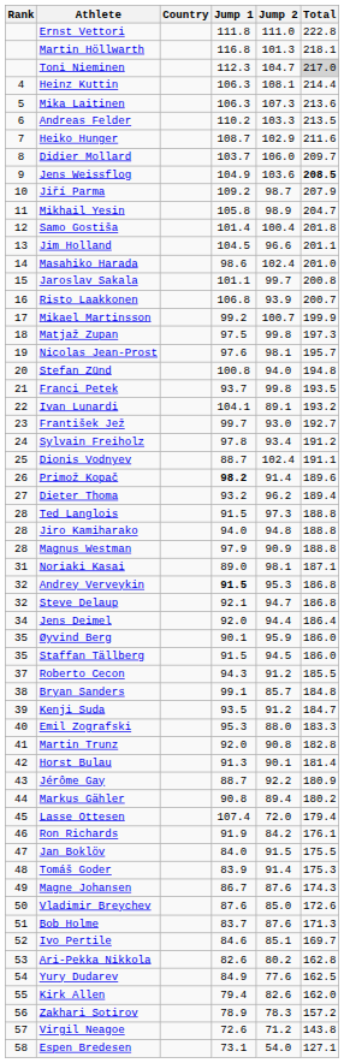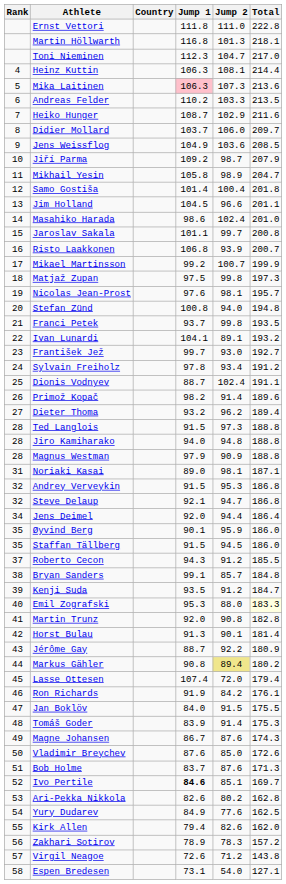 <table class="wikitable sortable" style="text-align:center">
 <tr>
 <th>Rank</th>
 <th>Athlete</th>
 <th>Country</th>
 <th>Jump 1</th>
 <th>Jump 2</th>
 <th>Total</th>
 </tr>
 <tr>
 <td></td>
 <td align=left><a href='#'>Ernst Vettori</a></td>
 <td align=left></td>
 <td>111.8</td>
 <td>111.0</td>
 <td>222.8</td>
 </tr>
 <tr>
 <td></td>
 <td align=left><a href='#'>Martin Höllwarth</a></td>
 <td align=left></td>
 <td>116.8</td>
 <td>101.3</td>
 <td>218.1</td>
 </tr>
 <tr>
 <td></td>
 <td align=left><a href='#'>Toni Nieminen</a></td>
 <td align=left></td>
 <td>112.3</td>
 <td>104.7</td>
-<td style="background: lightgrey;">217.0</td>
+<td>217.0</td>
 </tr>
 <tr>
 <td>4</td>
 <td align=left><a href='#'>Heinz Kuttin</a></td>
 <td align=left></td>
 <td>106.3</td>
 <td>108.1</td>
 <td>214.4</td>
 </tr>
 <tr>
 <td>5</td>
 <td align=left><a href='#'>Mika Laitinen</a></td>
 <td align=left></td>
-<td>106.3</td>
+<td style="background: pink;">106.3</td>
 <td>107.3</td>
 <td>213.6</td>
 </tr>
 <tr>
 <td>6</td>
 <td align=left><a href='#'>Andreas Felder</a></td>
 <td align=left></td>
 <td>110.2</td>
 <td>103.3</td>
 <td>213.5</td>
 </tr>
 <tr>
 <td>7</td>
 <td align=left><a href='#'>Heiko Hunger</a></td>
 <td align=left></td>
 <td>108.7</td>
 <td>102.9</td>
 <td>211.6</td>
 </tr>
 <tr>
 <td>8</td>
 <td align=left><a href='#'>Didier Mollard</a></td>
 <td align=left></td>
 <td>103.7</td>
 <td>106.0</td>
 <td>209.7</td>
 </tr>
 <tr>
 <td>9</td>
 <td align=left><a href='#'>Jens Weissflog</a></td>
 <td align=left></td>
 <td>104.9</td>
 <td>103.6</td>
-<td><strong>208.5</strong></td>
+<td>208.5</td>
 </tr>
 <tr>
 <td>10</td>
 <td align=left><a href='#'>Jiří Parma</a></td>
 <td align=left></td>
 <td>109.2</td>
 <td>98.7</td>
 <td>207.9</td>
 </tr>
 <tr>
 <td>11</td>
 <td align=left><a href='#'>Mikhail Yesin</a></td>
 <td align=left></td>
 <td>105.8</td>
 <td>98.9</td>
 <td>204.7</td>
 </tr>
 <tr>
 <td>12</td>
 <td align=left><a href='#'>Samo Gostiša</a></td>
 <td align=left></td>
 <td>101.4</td>
 <td>100.4</td>
 <td>201.8</td>
 </tr>
 <tr>
 <td>13</td>
 <td align=left><a href='#'>Jim Holland</a></td>
 <td align=left></td>
 <td>104.5</td>
 <td>96.6</td>
 <td>201.1</td>
 </tr>
 <tr>
 <td>14</td>
 <td align=left><a href='#'>Masahiko Harada</a></td>
 <td align=left></td>
 <td>98.6</td>
 <td>102.4</td>
 <td>201.0</td>
 </tr>
 <tr>
 <td>15</td>
 <td align=left><a href='#'>Jaroslav Sakala</a></td>
 <td align=left></td>
 <td>101.1</td>
 <td>99.7</td>
 <td>200.8</td>
 </tr>
 <tr>
 <td>16</td>
 <td align=left><a href='#'>Risto Laakkonen</a></td>
 <td align=left></td>
 <td>106.8</td>
 <td>93.9</td>
 <td>200.7</td>
 </tr>
 <tr>
 <td>17</td>
 <td align=left><a href='#'>Mikael Martinsson</a></td>
 <td align=left></td>
 <td>99.2</td>
 <td>100.7</td>
 <td>199.9</td>
 </tr>
 <tr>
 <td>18</td>
 <td align=left><a href='#'>Matjaž Zupan</a></td>
 <td align=left></td>
 <td>97.5</td>
 <td>99.8</td>
 <td>197.3</td>
 </tr>
 <tr>
 <td>19</td>
 <td align=left><a href='#'>Nicolas Jean-Prost</a></td>
 <td align=left></td>
 <td>97.6</td>
 <td>98.1</td>
 <td>195.7</td>
 </tr>
 <tr>
 <td>20</td>
 <td align=left><a href='#'>Stefan Zünd</a></td>
 <td align=left></td>
 <td>100.8</td>
 <td>94.0</td>
 <td>194.8</td>
 </tr>
 <tr>
 <td>21</td>
 <td align=left><a href='#'>Franci Petek</a></td>
 <td align=left></td>
 <td>93.7</td>
 <td>99.8</td>
 <td>193.5</td>
 </tr>
 <tr>
 <td>22</td>
 <td align=left><a href='#'>Ivan Lunardi</a></td>
 <td align=left></td>
 <td>104.1</td>
 <td>89.1</td>
 <td>193.2</td>
 </tr>
 <tr>
 <td>23</td>
 <td align=left><a href='#'>František Jež</a></td>
 <td align=left></td>
 <td>99.7</td>
 <td>93.0</td>
 <td>192.7</td>
 </tr>
 <tr>
 <td>24</td>
 <td align=left><a href='#'>Sylvain Freiholz</a></td>
 <td align=left></td>
 <td>97.8</td>
 <td>93.4</td>
 <td>191.2</td>
 </tr>
 <tr>
 <td>25</td>
 <td align=left><a href='#'>Dionis Vodnyev</a></td>
 <td align=left></td>
 <td>88.7</td>
 <td>102.4</td>
 <td>191.1</td>
 </tr>
 <tr>
 <td>26</td>
 <td align=left><a href='#'>Primož Kopač</a></td>
 <td align=left></td>
-<td><strong>98.2</strong></td>
+<td>98.2</td>
 <td>91.4</td>
 <td>189.6</td>
 </tr>
 <tr>
 <td>27</td>
 <td align=left><a href='#'>Dieter Thoma</a></td>
 <td align=left></td>
 <td>93.2</td>
 <td>96.2</td>
 <td>189.4</td>
 </tr>
 <tr>
 <td>28</td>
 <td align=left><a href='#'>Ted Langlois</a></td>
 <td align=left></td>
 <td>91.5</td>
 <td>97.3</td>
 <td>188.8</td>
 </tr>
 <tr>
 <td>28</td>
 <td align=left><a href='#'>Jiro Kamiharako</a></td>
 <td align=left></td>
 <td>94.0</td>
 <td>94.8</td>
 <td>188.8</td>
 </tr>
 <tr>
 <td>28</td>
 <td align=left><a href='#'>Magnus Westman</a></td>
 <td align=left></td>
 <td>97.9</td>
 <td>90.9</td>
 <td>188.8</td>
 </tr>
 <tr>
 <td>31</td>
 <td align=left><a href='#'>Noriaki Kasai</a></td>
 <td align=left></td>
 <td>89.0</td>
 <td>98.1</td>
 <td>187.1</td>
 </tr>
 <tr>
 <td>32</td>
 <td align=left><a href='#'>Andrey Verveykin</a></td>
 <td align=left></td>
-<td><strong>91.5</strong></td>
+<td>91.5</td>
 <td>95.3</td>
 <td>186.8</td>
 </tr>
 <tr>
 <td>32</td>
 <td align=left><a href='#'>Steve Delaup</a></td>
 <td align=left></td>
 <td>92.1</td>
 <td>94.7</td>
 <td>186.8</td>
 </tr>
 <tr>
 <td>34</td>
 <td align=left><a href='#'>Jens Deimel</a></td>
 <td align=left></td>
 <td>92.0</td>
 <td>94.4</td>
 <td>186.4</td>
 </tr>
 <tr>
 <td>35</td>
 <td align=left><a href='#'>Øyvind Berg</a></td>
 <td align=left></td>
 <td>90.1</td>
 <td>95.9</td>
 <td>186.0</td>
 </tr>
 <tr>
 <td>35</td>
 <td align=left><a href='#'>Staffan Tällberg</a></td>
 <td align=left></td>
 <td>91.5</td>
 <td>94.5</td>
 <td>186.0</td>
 </tr>
 <tr>
 <td>37</td>
 <td align=left><a href='#'>Roberto Cecon</a></td>
 <td align=left></td>
 <td>94.3</td>
 <td>91.2</td>
 <td>185.5</td>
 </tr>
 <tr>
 <td>38</td>
 <td align=left><a href='#'>Bryan Sanders</a></td>
 <td align=left></td>
 <td>99.1</td>
 <td>85.7</td>
 <td>184.8</td>
 </tr>
 <tr>
 <td>39</td>
 <td align=left><a href='#'>Kenji Suda</a></td>
 <td align=left></td>
 <td>93.5</td>
 <td>91.2</td>
 <td>184.7</td>
 </tr>
 <tr>
 <td>40</td>
 <td align=left><a href='#'>Emil Zografski</a></td>
 <td align=left></td>
 <td>95.3</td>
 <td>88.0</td>
-<td>183.3</td>
+<td style="background: lightyellow;">183.3</td>
 </tr>
 <tr>
 <td>41</td>
 <td align=left><a href='#'>Martin Trunz</a></td>
 <td align=left></td>
 <td>92.0</td>
 <td>90.8</td>
 <td>182.8</td>
 </tr>
 <tr>
 <td>42</td>
 <td align=left><a href='#'>Horst Bulau</a></td>
 <td align=left></td>
 <td>91.3</td>
 <td>90.1</td>
 <td>181.4</td>
 </tr>
 <tr>
 <td>43</td>
 <td align=left><a href='#'>Jérôme Gay</a></td>
 <td align=left></td>
 <td>88.7</td>
 <td>92.2</td>
 <td>180.9</td>
 </tr>
 <tr>
 <td>44</td>
 <td align=left><a href='#'>Markus Gähler</a></td>
 <td align=left></td>
 <td>90.8</td>
-<td>89.4</td>
+<td style="background: khaki;">89.4</td>
 <td>180.2</td>
 </tr>
 <tr>
 <td>45</td>
 <td align=left><a href='#'>Lasse Ottesen</a></td>
 <td align=left></td>
 <td>107.4</td>
 <td>72.0</td>
 <td>179.4</td>
 </tr>
 <tr>
 <td>46</td>
 <td align=left><a href='#'>Ron Richards</a></td>
 <td align=left></td>
 <td>91.9</td>
 <td>84.2</td>
 <td>176.1</td>
 </tr>
 <tr>
 <td>47</td>
 <td align=left><a href='#'>Jan Boklöv</a></td>
 <td align=left></td>
 <td>84.0</td>
 <td>91.5</td>
 <td>175.5</td>
 </tr>
 <tr>
 <td>48</td>
 <td align=left><a href='#'>Tomáš Goder</a></td>
 <td align=left></td>
 <td>83.9</td>
 <td>91.4</td>
 <td>175.3</td>
 </tr>
 <tr>
 <td>49</td>
 <td align=left><a href='#'>Magne Johansen</a></td>
 <td align=left></td>
 <td>86.7</td>
 <td>87.6</td>
 <td>174.3</td>
 </tr>
 <tr>
 <td>50</td>
 <td align=left><a href='#'>Vladimir Breychev</a></td>
 <td align=left></td>
 <td>87.6</td>
 <td>85.0</td>
 <td>172.6</td>
 </tr>
 <tr>
 <td>51</td>
 <td align=left><a href='#'>Bob Holme</a></td>
 <td align=left></td>
 <td>83.7</td>
 <td>87.6</td>
 <td>171.3</td>
 </tr>
 <tr>
 <td>52</td>
 <td align=left><a href='#'>Ivo Pertile</a></td>
 <td align=left></td>
-<td>84.6</td>
+<td><strong>84.6</strong></td>
 <td>85.1</td>
 <td>169.7</td>
 </tr>
 <tr>
 <td>53</td>
 <td align=left><a href='#'>Ari-Pekka Nikkola</a></td>
 <td align=left></td>
 <td>82.6</td>
 <td>80.2</td>
 <td>162.8</td>
 </tr>
 <tr>
 <td>54</td>
 <td align=left><a href='#'>Yury Dudarev</a></td>
 <td align=left></td>
 <td>84.9</td>
 <td>77.6</td>
 <td>162.5</td>
 </tr>
 <tr>
 <td>55</td>
 <td align=left><a href='#'>Kirk Allen</a></td>
 <td align=left></td>
 <td>79.4</td>
 <td>82.6</td>
 <td>162.0</td>
 </tr>
 <tr>
 <td>56</td>
 <td align=left><a href='#'>Zakhari Sotirov</a></td>
 <td align=left></td>
 <td>78.9</td>
 <td>78.3</td>
 <td>157.2</td>
 </tr>
 <tr>
 <td>57</td>
 <td align=left><a href='#'>Virgil Neagoe</a></td>
 <td align=left></td>
 <td>72.6</td>
 <td>71.2</td>
 <td>143.8</td>
 </tr>
 <tr>
 <td>58</td>
 <td align=left><a href='#'>Espen Bredesen</a></td>
 <td align=left></td>
 <td>73.1</td>
 <td>54.0</td>
 <td>127.1</td>
 </tr>
 </table>
